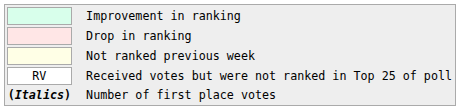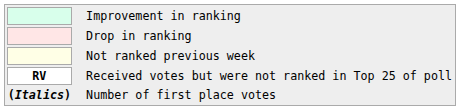 <table align="right" style="font-size:90%; border:1px solid #aaaaaa; white-space:nowrap; background:#eeeeee;">
 <tr>
 <td style="background:#d8ffeb; width:20px; border:1px solid #aaaaaa;"> </td>
 <td rowspan="5"> </td>
 <td>Improvement in ranking</td>
 </tr>
 <tr>
 <td style="background:#ffe6e6; width:20px; border:1px solid #aaaaaa;"> </td>
 <td>Drop in ranking</td>
 </tr>
 <tr>
 <td style="background:#ffffe6; width:20px; border:1px solid #aaaaaa;"> </td>
 <td>Not ranked previous week</td>
 </tr>
 <tr>
-<td align="center" style="width:20px; border:1px solid #aaaaaa; background:white;">RV</td>
+<td align="center" style="width:20px; border:1px solid #aaaaaa; background:white;"><strong>RV</strong></td>
 <td>Received votes but were not ranked in Top 25 of poll</td>
 </tr>
 <tr>
 <td><strong>(<em>Italics</em>)</strong></td>
 <td>Number of first place votes</td>
 </tr>
 </table>
